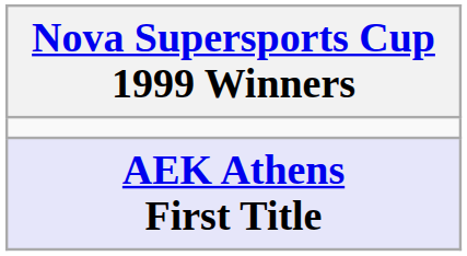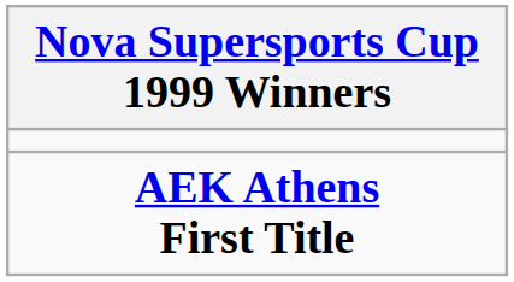 <table class="wikitable" style="text-align: center; margin: 0 auto; width: 20%">
 <tr>
 <th><a href='#'>Nova Supersports Cup</a><br>1999 Winners</th>
 </tr>
 <tr>
 <td></td>
 </tr>
 <tr>
-<td style="background: lavender;"><strong><a href='#'>AEK Athens</a></strong><br><strong>First Title</strong></td>
+<td><strong><a href='#'>AEK Athens</a></strong><br><strong>First Title</strong></td>
 </tr>
 </table>
